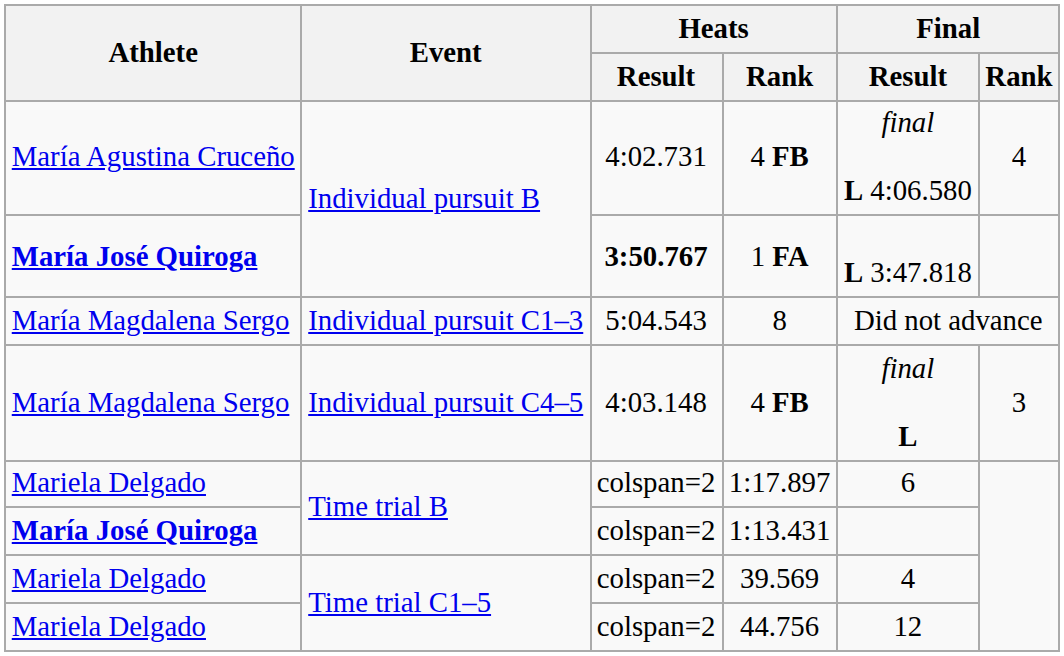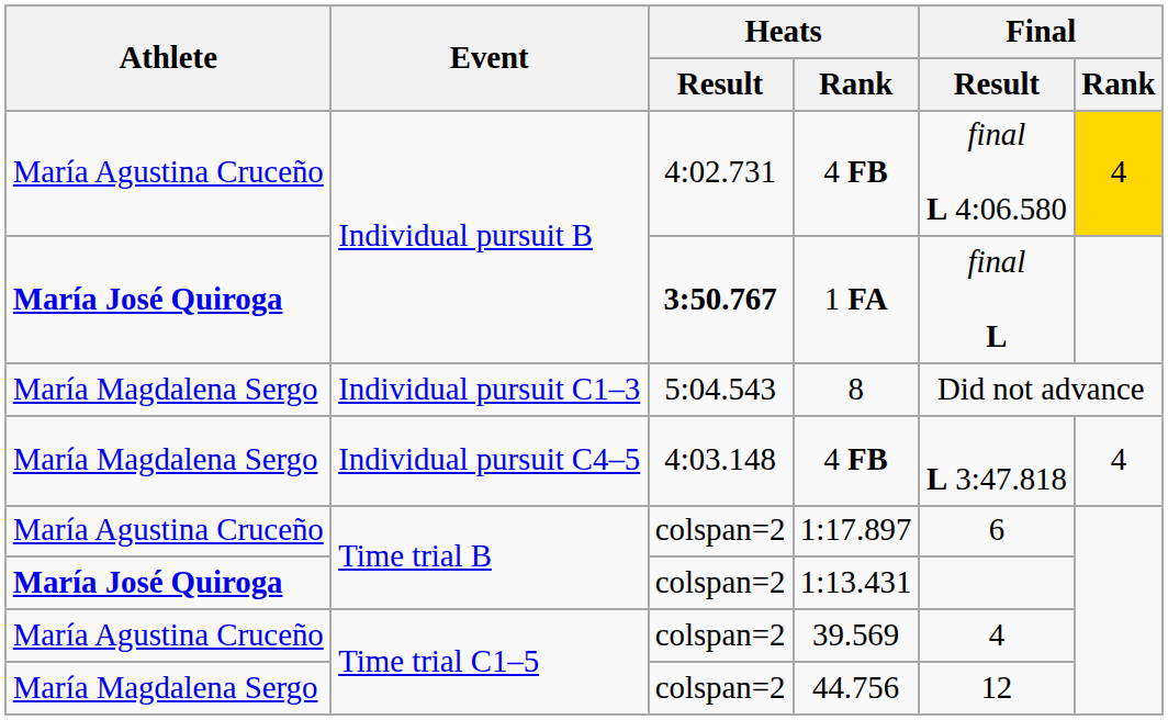 <table class=wikitable style="font-size:90%">
 <tr>
 <th rowspan="2">Athlete</th>
 <th rowspan="2">Event</th>
 <th colspan="2">Heats</th>
 <th colspan="2">Final</th>
 </tr>
 <tr>
 <th>Result</th>
 <th>Rank</th>
 <th>Result</th>
 <th>Rank</th>
 </tr>
 <tr align=center>
 <td align=left><a href='#'>María Agustina Cruceño</a></td>
 <td align=left rowspan=2><a href='#'>Individual pursuit B</a></td>
 <td>4:02.731</td>
 <td>4 <strong>FB</strong></td>
 <td><em> final</em><br><br><strong>L</strong> 4:06.580</td>
-<td>4</td>
+<td style="background: gold;">4</td>
 </tr>
 <tr align=center>
 <td align=left><strong><a href='#'>María José Quiroga</a></strong></td>
 <td><strong>3:50.767</strong></td>
 <td>1 <strong>FA</strong></td>
-<td><br><strong>L</strong> 3:47.818</td>
+<td><em> final</em><br><br><strong>L</strong> </td>
 <td></td>
 </tr>
 <tr align=center>
 <td align=left><a href='#'>María Magdalena Sergo</a></td>
 <td align=left><a href='#'>Individual pursuit C1–3</a></td>
 <td>5:04.543</td>
 <td>8</td>
 <td colspan=2>Did not advance</td>
 </tr>
 <tr align=center>
 <td align=left><a href='#'>María Magdalena Sergo</a></td>
 <td align=left><a href='#'>Individual pursuit C4–5</a></td>
 <td>4:03.148</td>
 <td>4 <strong>FB</strong></td>
-<td><em> final</em><br><br><strong>L</strong> </td>
-<td>3</td>
+<td><br><strong>L</strong> 3:47.818</td>
+<td>4</td>
 </tr>
 <tr align=center>
-<td align=left><a href='#'>Mariela Delgado</a></td>
+<td align=left><a href='#'>María Agustina Cruceño</a></td>
 <td align=left rowspan=2><a href='#'>Time trial B</a></td>
 <td>colspan=2 </td>
 <td>1:17.897</td>
 <td>6</td>
 </tr>
 <tr align=center>
 <td align=left><strong><a href='#'>María José Quiroga</a></strong></td>
 <td>colspan=2 </td>
 <td>1:13.431</td>
 <td></td>
 </tr>
 <tr align=center>
-<td align=left><a href='#'>Mariela Delgado</a></td>
+<td align=left><a href='#'>María Agustina Cruceño</a></td>
 <td align=left rowspan=2><a href='#'>Time trial C1–5</a></td>
 <td>colspan=2 </td>
 <td>39.569</td>
 <td>4</td>
 </tr>
 <tr align=center>
-<td align=left><a href='#'>Mariela Delgado</a></td>
+<td align=left><a href='#'>María Magdalena Sergo</a></td>
 <td>colspan=2 </td>
 <td>44.756</td>
 <td>12</td>
 </tr>
 </table>
